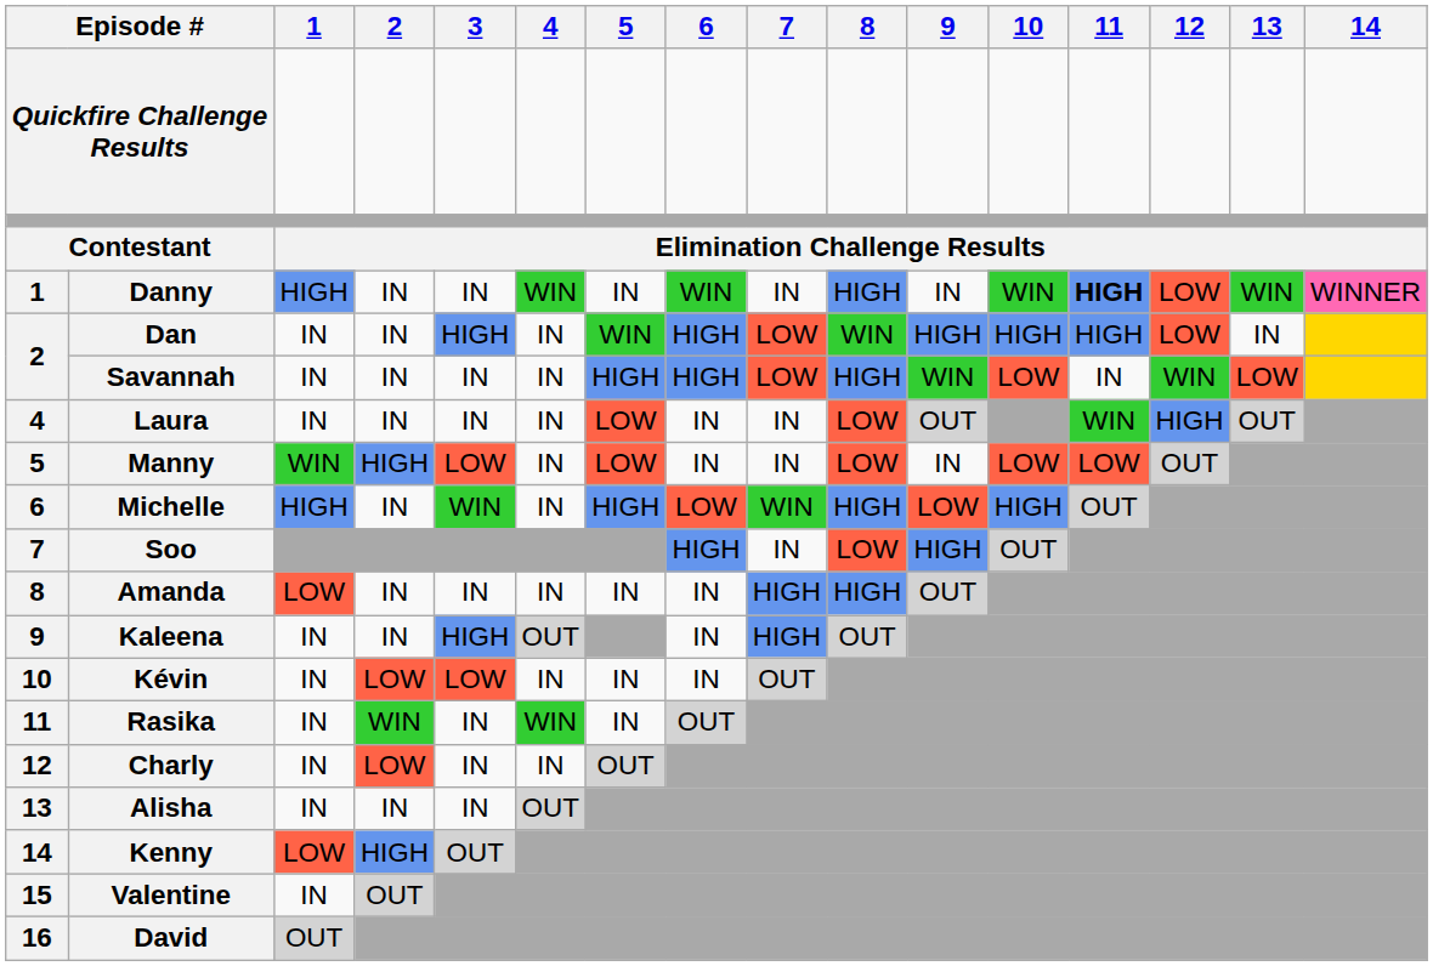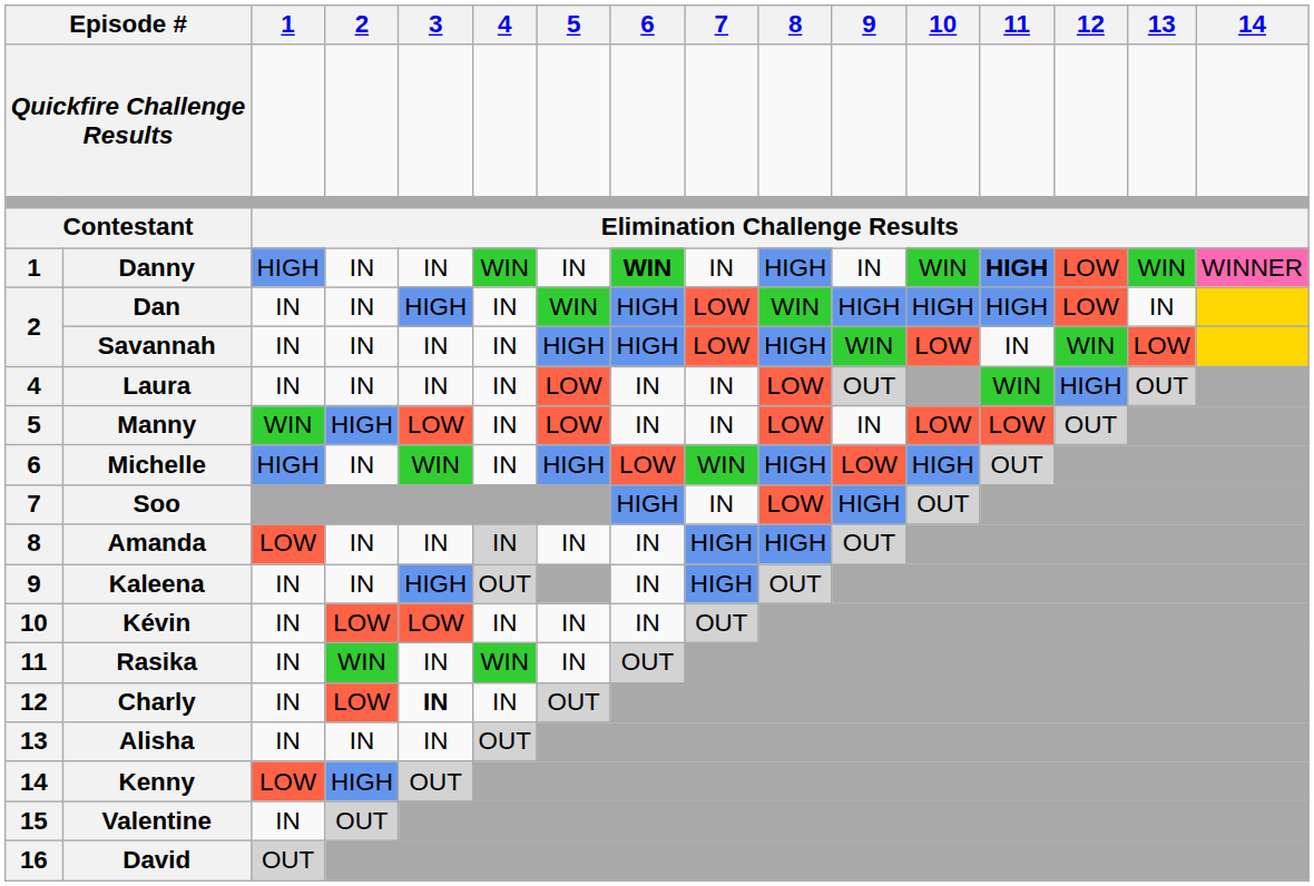 <table class="wikitable nowrap" style="text-align:center; font-size:100%">
 <tr>
 <th colspan=2>Episode #</th>
 <th><a href='#'>1</a></th>
 <th><a href='#'>2</a></th>
 <th><a href='#'>3</a></th>
 <th><a href='#'>4</a></th>
 <th><a href='#'>5</a></th>
 <th><a href='#'>6</a></th>
 <th><a href='#'>7</a></th>
 <th><a href='#'>8</a></th>
 <th><a href='#'>9</a></th>
 <th><a href='#'>10</a></th>
 <th><a href='#'>11</a></th>
 <th><a href='#'>12</a></th>
 <th><a href='#'>13</a></th>
 <th><a href='#'>14</a></th>
 </tr>
 <tr>
 <th colspan=2><em>Quickfire Challenge<br>Results</em></th>
 <td></td>
 <td><br><br><br><br><br></td>
 <td><br><br><br><br><br></td>
 <td></td>
 <td><br><br><br><br><br></td>
 <td><br><br><br><br><br></td>
 <td><br><br></td>
 <td></td>
 <td><br><br><br><br><br></td>
 <td><br><br><br><br><br></td>
 <td><br><br><br><br><br></td>
 <td><br><br><br><br><br></td>
 <td></td>
 <td></td>
 </tr>
 <tr>
 <td colspan="16" style="background:darkgrey"></td>
 </tr>
 <tr>
 <th colspan=2>Contestant</th>
 <th colspan="14">Elimination Challenge Results</th>
 </tr>
 <tr>
 <th>1</th>
 <th>Danny</th>
 <td style="background:cornflowerblue">HIGH</td>
 <td>IN</td>
 <td>IN</td>
 <td style="background:limegreen">WIN</td>
 <td>IN</td>
-<td style="background:limegreen">WIN</td>
+<td style="background:limegreen"><strong>WIN</strong></td>
 <td>IN</td>
 <td style="background:cornflowerblue">HIGH</td>
 <td>IN</td>
 <td style="background:limegreen">WIN</td>
 <td style="background:cornflowerblue"><strong>HIGH</strong></td>
 <td style="background:tomato">LOW</td>
 <td style="background:limegreen">WIN</td>
 <td style="background:hotpink">WINNER</td>
 </tr>
 <tr>
 <th rowspan=2>2</th>
 <th>Dan</th>
 <td>IN</td>
 <td>IN</td>
 <td style="background:cornflowerblue">HIGH</td>
 <td>IN</td>
 <td style="background:limegreen">WIN</td>
 <td style="background:cornflowerblue">HIGH</td>
 <td style="background:tomato">LOW</td>
 <td style="background:limegreen">WIN</td>
 <td style="background:cornflowerblue">HIGH</td>
 <td style="background:cornflowerblue">HIGH</td>
 <td style="background:cornflowerblue">HIGH</td>
 <td style="background:tomato">LOW</td>
 <td>IN</td>
 <td style="background:gold"></td>
 </tr>
 <tr>
 <th>Savannah</th>
 <td>IN</td>
 <td>IN</td>
 <td>IN</td>
 <td>IN</td>
 <td style="background:cornflowerblue">HIGH</td>
 <td style="background:cornflowerblue">HIGH</td>
 <td style="background:tomato">LOW</td>
 <td style="background:cornflowerblue">HIGH</td>
 <td style="background:limegreen">WIN</td>
 <td style="background:tomato">LOW</td>
 <td>IN</td>
 <td style="background:limegreen">WIN</td>
 <td style="background:tomato">LOW</td>
 <td style="background:gold"></td>
 </tr>
 <tr>
 <th>4</th>
 <th>Laura</th>
 <td>IN</td>
 <td>IN</td>
 <td>IN</td>
 <td>IN</td>
 <td style="background:tomato">LOW</td>
 <td>IN</td>
 <td>IN</td>
 <td style="background:tomato">LOW</td>
 <td style="background:lightgrey">OUT</td>
 <td style="background:darkgrey"></td>
 <td style="background:limegreen">WIN</td>
 <td style="background:cornflowerblue">HIGH</td>
 <td style="background:lightgrey">OUT</td>
 <td style="background:darkgrey"></td>
 </tr>
 <tr>
 <th>5</th>
 <th>Manny</th>
 <td style="background:limegreen">WIN</td>
 <td style="background:cornflowerblue">HIGH</td>
 <td style="background:tomato">LOW</td>
 <td>IN</td>
 <td style="background:tomato">LOW</td>
 <td>IN</td>
 <td>IN</td>
 <td style="background:tomato">LOW</td>
 <td>IN</td>
 <td style="background:tomato">LOW</td>
 <td style="background:tomato">LOW</td>
 <td style="background:lightgrey">OUT</td>
 <td style="background:darkgrey" colspan="2"></td>
 </tr>
 <tr>
 <th>6</th>
 <th>Michelle</th>
 <td style="background:cornflowerblue">HIGH</td>
 <td>IN</td>
 <td style="background:limegreen">WIN</td>
 <td>IN</td>
 <td style="background:cornflowerblue">HIGH</td>
 <td style="background:tomato">LOW</td>
 <td style="background:limegreen">WIN</td>
 <td style="background:cornflowerblue">HIGH</td>
 <td style="background:tomato">LOW</td>
 <td style="background:cornflowerblue">HIGH</td>
 <td style="background:lightgrey">OUT</td>
 <td style="background:darkgrey" colspan="3"></td>
 </tr>
 <tr>
 <th>7</th>
 <th>Soo</th>
 <td style="background:darkgrey" colspan="5"></td>
 <td style="background:cornflowerblue">HIGH</td>
 <td>IN</td>
 <td style="background:tomato">LOW</td>
 <td style="background:cornflowerblue">HIGH</td>
 <td style="background:lightgrey">OUT</td>
 <td style="background:darkgrey" colspan="4"></td>
 </tr>
 <tr>
 <th>8</th>
 <th>Amanda</th>
 <td style="background:tomato">LOW</td>
 <td>IN</td>
 <td>IN</td>
-<td>IN</td>
+<td style="background: lightgrey;">IN</td>
 <td>IN</td>
 <td>IN</td>
 <td style="background:cornflowerblue">HIGH</td>
 <td style="background:cornflowerblue">HIGH</td>
 <td style="background:lightgrey">OUT</td>
 <td style="background:darkgrey" colspan="5"></td>
 </tr>
 <tr>
 <th>9</th>
 <th>Kaleena</th>
 <td>IN</td>
 <td>IN</td>
 <td style="background:cornflowerblue">HIGH</td>
 <td style="background:lightgrey">OUT</td>
 <td style="background:darkgrey" colspan="1"></td>
 <td>IN</td>
 <td style="background:cornflowerblue">HIGH</td>
 <td style="background:lightgrey">OUT</td>
 <td style="background:darkgrey" colspan="6"></td>
 </tr>
 <tr>
 <th>10</th>
 <th>Kévin</th>
 <td>IN</td>
 <td style="background:tomato">LOW</td>
 <td style="background:tomato">LOW</td>
 <td>IN</td>
 <td>IN</td>
 <td>IN</td>
 <td style="background:lightgrey">OUT</td>
 <td style="background:darkgrey" colspan="7"></td>
 </tr>
 <tr>
 <th>11</th>
 <th>Rasika</th>
 <td>IN</td>
 <td style="background:limegreen">WIN</td>
 <td>IN</td>
 <td style="background:limegreen">WIN</td>
 <td>IN</td>
 <td style="background:lightgrey">OUT</td>
 <td style="background:darkgrey" colspan="8"></td>
 </tr>
 <tr>
 <th>12</th>
 <th>Charly</th>
 <td>IN</td>
 <td style="background:tomato">LOW</td>
-<td>IN</td>
+<td><strong>IN</strong></td>
 <td>IN</td>
 <td style="background:lightgrey">OUT</td>
 <td style="background:darkgrey" colspan="9"></td>
 </tr>
 <tr>
 <th>13</th>
 <th>Alisha</th>
 <td>IN</td>
 <td>IN</td>
 <td>IN</td>
 <td style="background:lightgrey">OUT</td>
 <td style="background:darkgrey" colspan="10"></td>
 </tr>
 <tr>
 <th>14</th>
 <th>Kenny</th>
 <td style="background:tomato">LOW</td>
 <td style="background:cornflowerblue">HIGH</td>
 <td style="background:lightgrey">OUT</td>
 <td style="background:darkgrey" colspan="11"></td>
 </tr>
 <tr>
 <th>15</th>
 <th>Valentine</th>
 <td>IN</td>
 <td style="background:lightgrey">OUT</td>
 <td style="background:darkgrey" colspan="12"></td>
 </tr>
 <tr>
 <th>16</th>
 <th>David</th>
 <td style="background:lightgrey">OUT</td>
 <td style="background:darkgrey" colspan="13"></td>
 </tr>
 <tr>
 </tr>
 </table>
